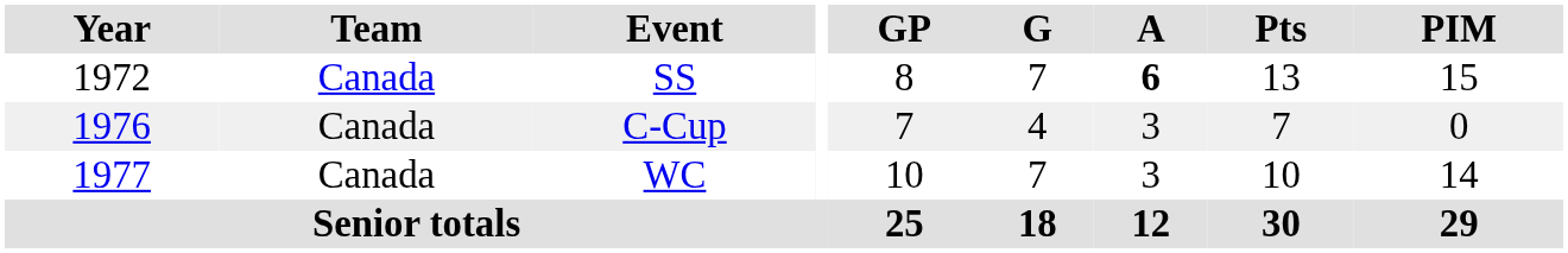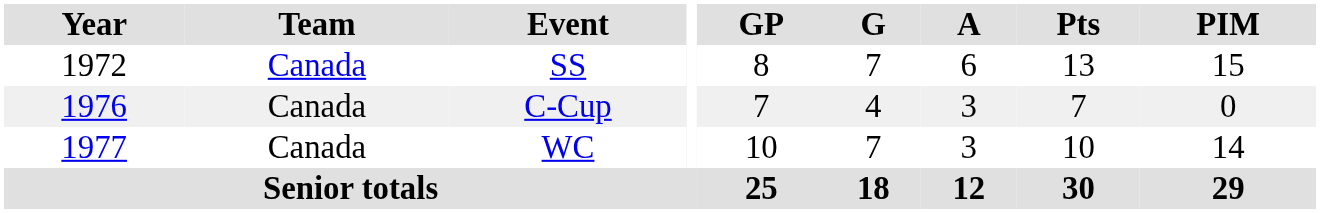 <table border="0" cellpadding="1" cellspacing="0" ID="Table3" style="text-align:center; width:40em">
 <tr bgcolor="#e0e0e0">
 <th>Year</th>
 <th>Team</th>
 <th>Event</th>
 <th rowspan="102" bgcolor="#ffffff"></th>
 <th>GP</th>
 <th>G</th>
 <th>A</th>
 <th>Pts</th>
 <th>PIM</th>
 </tr>
 <tr>
 <td>1972</td>
 <td><a href='#'>Canada</a></td>
 <td><a href='#'>SS</a></td>
 <td>8</td>
 <td>7</td>
-<td><strong>6</strong></td>
+<td>6</td>
 <td>13</td>
 <td>15</td>
 </tr>
 <tr bgcolor="#f0f0f0">
 <td><a href='#'>1976</a></td>
 <td>Canada</td>
 <td><a href='#'>C-Cup</a></td>
 <td>7</td>
 <td>4</td>
 <td>3</td>
 <td>7</td>
 <td>0</td>
 </tr>
 <tr>
 <td><a href='#'>1977</a></td>
 <td>Canada</td>
 <td><a href='#'>WC</a></td>
 <td>10</td>
 <td>7</td>
 <td>3</td>
 <td>10</td>
 <td>14</td>
 </tr>
 <tr bgcolor="#e0e0e0">
 <th colspan="4">Senior totals</th>
 <th>25</th>
 <th>18</th>
 <th>12</th>
 <th>30</th>
 <th>29</th>
 </tr>
 </table>
